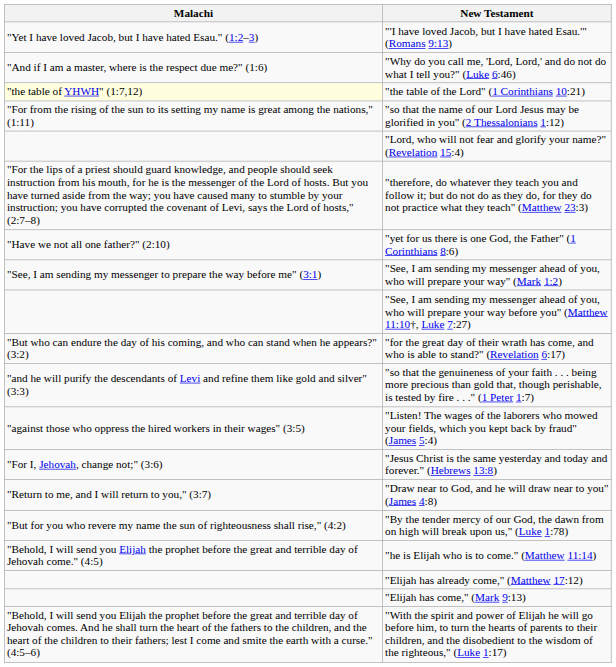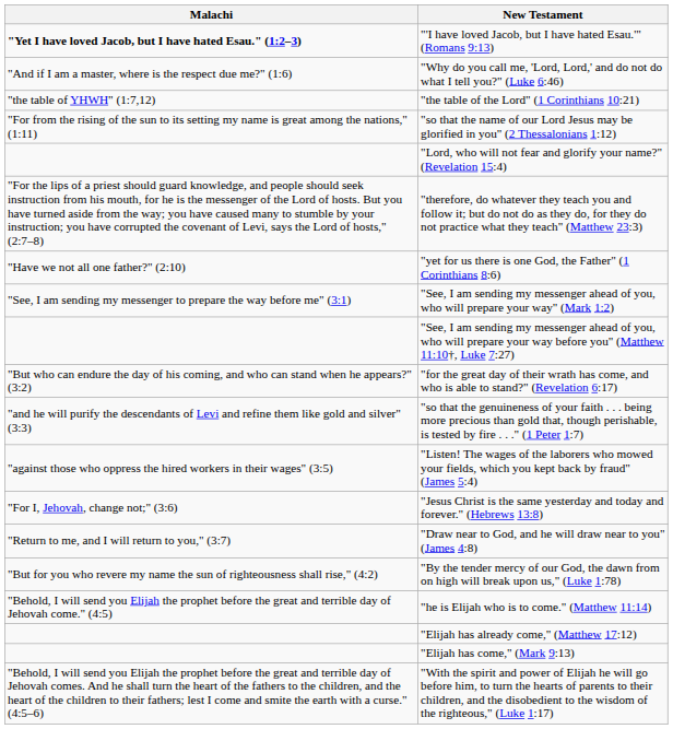 <table class="wikitable">
 <tr>
 <th>Malachi</th>
 <th>New Testament</th>
 </tr>
 <tr>
-<td>"Yet I have loved Jacob, but I have hated Esau." (<a href='#'>1:2</a>–<a href='#'>3</a>)</td>
+<td><strong>"Yet I have loved Jacob, but I have hated Esau." (<a href='#'>1:2</a>–<a href='#'>3</a>)</strong></td>
 <td>"'I have loved Jacob, but I have hated Esau.'" (<a href='#'>Romans</a> <a href='#'>9:13</a>)</td>
 </tr>
 <tr>
 <td>"And if I am a master, where is the respect due me?" (1:6)</td>
 <td>"Why do you call me, 'Lord, Lord,' and do not do what I tell you?" (<a href='#'>Luke</a> <a href='#'>6</a>:46)</td>
 </tr>
 <tr>
-<td style="background: lightyellow;">"the table of <a href='#'>YHWH</a>" (1:7,12)</td>
+<td>"the table of <a href='#'>YHWH</a>" (1:7,12)</td>
 <td>"the table of the Lord" (<a href='#'>1 Corinthians</a> <a href='#'>10</a>:21)</td>
 </tr>
 <tr>
 <td>"For from the rising of the sun to its setting my name is great among the nations," (1:11)</td>
 <td>"so that the name of our Lord Jesus may be glorified in you" (<a href='#'>2 Thessalonians</a> <a href='#'>1</a>:12)</td>
 </tr>
 <tr>
 <td></td>
 <td>"Lord, who will not fear and glorify your name?" (<a href='#'>Revelation</a> <a href='#'>15</a>:4)</td>
 </tr>
 <tr>
 <td>"For the lips of a priest should guard knowledge, and people should seek instruction from his mouth, for he is the messenger of the Lord of hosts. But you have turned aside from the way; you have caused many to stumble by your instruction; you have corrupted the covenant of Levi, says the Lord of hosts," (2:7–8)</td>
 <td>"therefore, do whatever they teach you and follow it; but do not do as they do, for they do not practice what they teach" (<a href='#'>Matthew</a> <a href='#'>23</a>:3)</td>
 </tr>
 <tr>
 <td>"Have we not all one father?" (2:10)</td>
 <td>"yet for us there is one God, the Father" (<a href='#'>1 Corinthians</a> <a href='#'>8</a>:6)</td>
 </tr>
 <tr>
 <td>"See, I am sending my messenger to prepare the way before me" (<a href='#'>3:1</a>)</td>
 <td>"See, I am sending my messenger ahead of you, who will prepare your way" (<a href='#'>Mark</a> <a href='#'>1:2</a>)</td>
 </tr>
 <tr>
 <td></td>
 <td>"See, I am sending my messenger ahead of you, who will prepare your way before you" (<a href='#'>Matthew</a> <a href='#'>11:10</a>†, <a href='#'>Luke</a> <a href='#'>7</a>:27)</td>
 </tr>
 <tr>
 <td>"But who can endure the day of his coming, and who can stand when he appears?" (3:2)</td>
 <td>"for the great day of their wrath has come, and who is able to stand?" (<a href='#'>Revelation</a> <a href='#'>6</a>:17)</td>
 </tr>
 <tr>
 <td>"and he will purify the descendants of <a href='#'>Levi</a> and refine them like gold and silver" (3:3)</td>
 <td>"so that the genuineness of your faith . . . being more precious than gold that, though perishable, is tested by fire . . ." (<a href='#'>1 Peter</a> <a href='#'>1</a>:7)</td>
 </tr>
 <tr>
 <td>"against those who oppress the hired workers in their wages" (3:5)</td>
 <td>"Listen! The wages of the laborers who mowed your fields, which you kept back by fraud" (<a href='#'>James</a> <a href='#'>5</a>:4)</td>
 </tr>
 <tr>
 <td>"For I, <a href='#'>Jehovah</a>, change not;" (3:6)</td>
 <td>"Jesus Christ is the same yesterday and today and forever." (<a href='#'>Hebrews</a> <a href='#'>13:8</a>)</td>
 </tr>
 <tr>
 <td>"Return to me, and I will return to you," (3:7)</td>
 <td>"Draw near to God, and he will draw near to you" (<a href='#'>James</a> <a href='#'>4</a>:8)</td>
 </tr>
 <tr>
 <td>"But for you who revere my name the sun of righteousness shall rise," (4:2)</td>
 <td>"By the tender mercy of our God, the dawn from on high will break upon us," (<a href='#'>Luke</a> <a href='#'>1</a>:78)</td>
 </tr>
 <tr>
 <td>"Behold, I will send you <a href='#'>Elijah</a> the prophet before the great and terrible day of Jehovah come." (4:5)</td>
 <td>"he is Elijah who is to come." (<a href='#'>Matthew</a> <a href='#'>11:14</a>)</td>
 </tr>
 <tr>
 <td></td>
 <td>"Elijah has already come," (<a href='#'>Matthew</a> <a href='#'>17</a>:12)</td>
 </tr>
 <tr>
 <td></td>
 <td>"Elijah has come," (<a href='#'>Mark</a> <a href='#'>9</a>:13)</td>
 </tr>
 <tr>
 <td>"Behold, I will send you Elijah the prophet before the great and terrible day of Jehovah comes. And he shall turn the heart of the fathers to the children, and the heart of the children to their fathers; lest I come and smite the earth with a curse." (4:5–6)</td>
 <td>"With the spirit and power of Elijah he will go before him, to turn the hearts of parents to their children, and the disobedient to the wisdom of the righteous," (<a href='#'>Luke</a> <a href='#'>1</a>:17)</td>
 </tr>
 </table>
